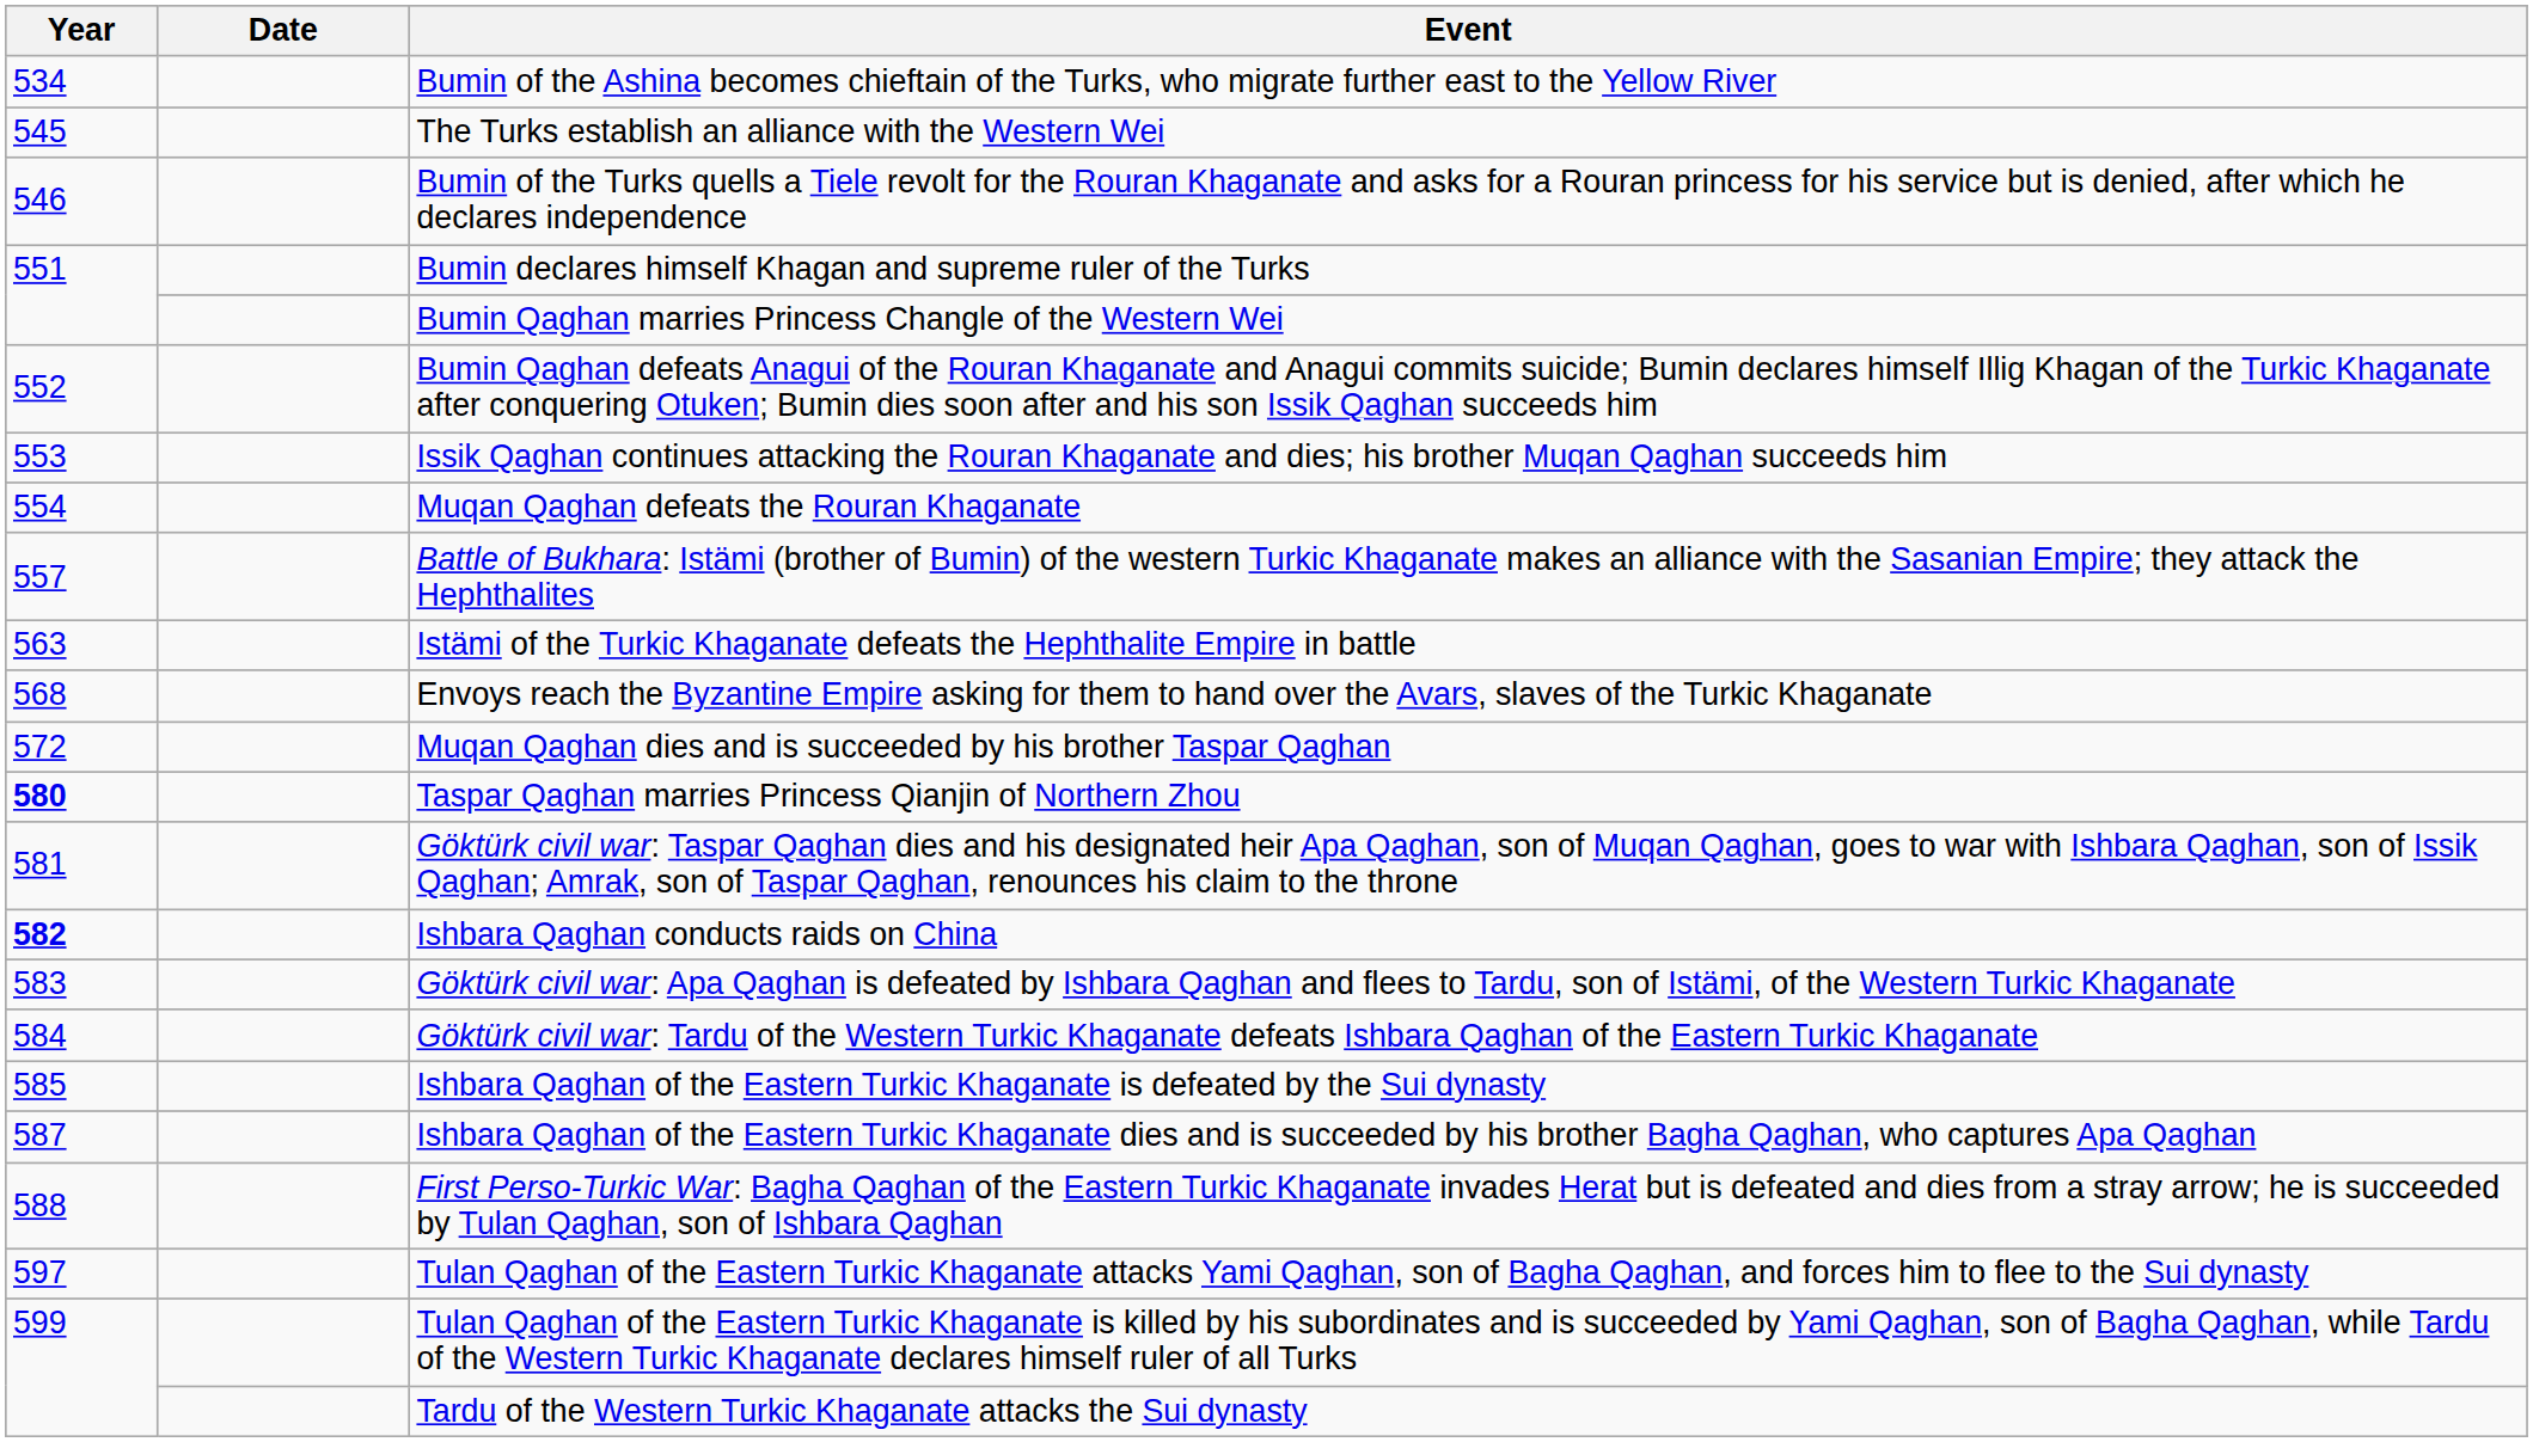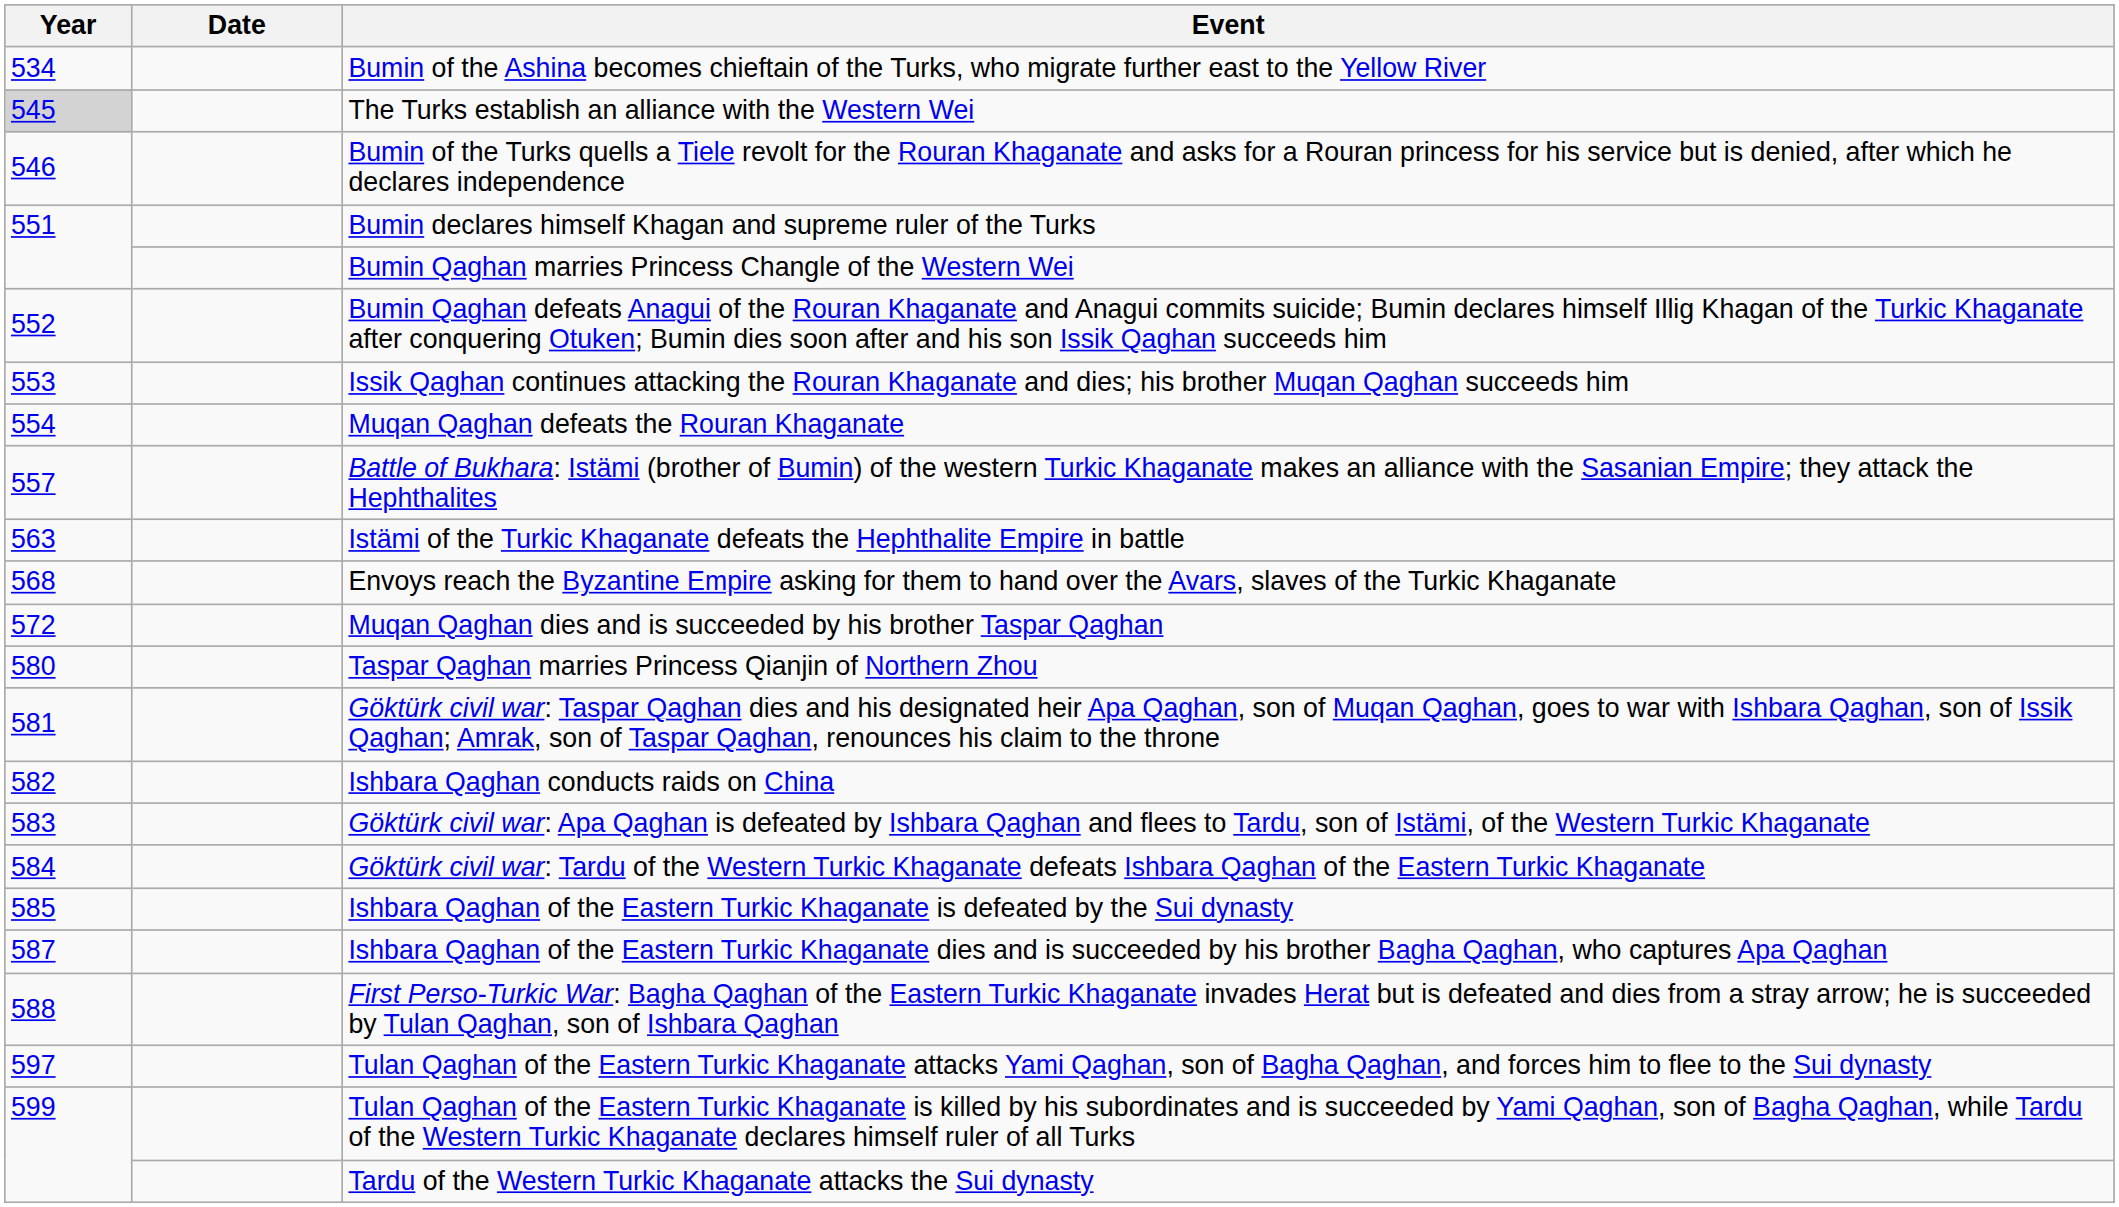 <table class="wikitable" width="100%">
 <tr>
 <th style="width:6%">Year</th>
 <th style="width:10%">Date</th>
 <th>Event</th>
 </tr>
 <tr>
 <td><a href='#'>534</a></td>
 <td></td>
 <td><a href='#'>Bumin</a> of the <a href='#'>Ashina</a> becomes chieftain of the Turks, who migrate further east to the <a href='#'>Yellow River</a></td>
 </tr>
 <tr>
-<td><a href='#'>545</a></td>
+<td style="background: lightgrey;"><a href='#'>545</a></td>
 <td></td>
 <td>The Turks establish an alliance with the <a href='#'>Western Wei</a></td>
 </tr>
 <tr>
 <td><a href='#'>546</a></td>
 <td></td>
 <td><a href='#'>Bumin</a> of the Turks quells a <a href='#'>Tiele</a> revolt for the <a href='#'>Rouran Khaganate</a> and asks for a Rouran princess for his service but is denied, after which he declares independence</td>
 </tr>
 <tr>
 <td rowspan="2" valign="top"><a href='#'>551</a></td>
 <td></td>
 <td><a href='#'>Bumin</a> declares himself Khagan and supreme ruler of the Turks</td>
 </tr>
 <tr>
 <td></td>
 <td><a href='#'>Bumin Qaghan</a> marries Princess Changle of the <a href='#'>Western Wei</a></td>
 </tr>
 <tr>
 <td><a href='#'>552</a></td>
 <td></td>
 <td><a href='#'>Bumin Qaghan</a> defeats <a href='#'>Anagui</a> of the <a href='#'>Rouran Khaganate</a> and Anagui commits suicide; Bumin declares himself Illig Khagan of the <a href='#'>Turkic Khaganate</a> after conquering <a href='#'>Otuken</a>; Bumin dies soon after and his son <a href='#'>Issik Qaghan</a> succeeds him</td>
 </tr>
 <tr>
 <td><a href='#'>553</a></td>
 <td></td>
 <td><a href='#'>Issik Qaghan</a> continues attacking the <a href='#'>Rouran Khaganate</a> and dies; his brother <a href='#'>Muqan Qaghan</a> succeeds him</td>
 </tr>
 <tr>
 <td><a href='#'>554</a></td>
 <td></td>
 <td><a href='#'>Muqan Qaghan</a> defeats the <a href='#'>Rouran Khaganate</a></td>
 </tr>
 <tr>
 <td><a href='#'>557</a></td>
 <td></td>
 <td><em><a href='#'>Battle of Bukhara</a></em>: <a href='#'>Istämi</a> (brother of <a href='#'>Bumin</a>) of the western <a href='#'>Turkic Khaganate</a> makes an alliance with the <a href='#'>Sasanian Empire</a>; they attack the <a href='#'>Hephthalites</a></td>
 </tr>
 <tr>
 <td><a href='#'>563</a></td>
 <td></td>
 <td><a href='#'>Istämi</a> of the <a href='#'>Turkic Khaganate</a> defeats the <a href='#'>Hephthalite Empire</a> in battle</td>
 </tr>
 <tr>
 <td><a href='#'>568</a></td>
 <td></td>
 <td>Envoys reach the <a href='#'>Byzantine Empire</a> asking for them to hand over the <a href='#'>Avars</a>, slaves of the Turkic Khaganate </td>
 </tr>
 <tr>
 <td><a href='#'>572</a></td>
 <td></td>
 <td><a href='#'>Muqan Qaghan</a> dies and is succeeded by his brother <a href='#'>Taspar Qaghan</a></td>
 </tr>
 <tr>
-<td><strong><a href='#'>580</a></strong></td>
+<td><a href='#'>580</a></td>
 <td></td>
 <td><a href='#'>Taspar Qaghan</a> marries Princess Qianjin of <a href='#'>Northern Zhou</a></td>
 </tr>
 <tr>
 <td><a href='#'>581</a></td>
 <td></td>
 <td><em><a href='#'>Göktürk civil war</a></em>: <a href='#'>Taspar Qaghan</a> dies and his designated heir <a href='#'>Apa Qaghan</a>, son of <a href='#'>Muqan Qaghan</a>, goes to war with <a href='#'>Ishbara Qaghan</a>, son of <a href='#'>Issik Qaghan</a>; <a href='#'>Amrak</a>, son of <a href='#'>Taspar Qaghan</a>, renounces his claim to the throne</td>
 </tr>
 <tr>
-<td><strong><a href='#'>582</a></strong></td>
+<td><a href='#'>582</a></td>
 <td></td>
 <td><a href='#'>Ishbara Qaghan</a> conducts raids on <a href='#'>China</a></td>
 </tr>
 <tr>
 <td><a href='#'>583</a></td>
 <td></td>
 <td><em><a href='#'>Göktürk civil war</a></em>: <a href='#'>Apa Qaghan</a> is defeated by <a href='#'>Ishbara Qaghan</a> and flees to <a href='#'>Tardu</a>, son of <a href='#'>Istämi</a>, of the <a href='#'>Western Turkic Khaganate</a></td>
 </tr>
 <tr>
 <td><a href='#'>584</a></td>
 <td></td>
 <td><em><a href='#'>Göktürk civil war</a></em>: <a href='#'>Tardu</a> of the <a href='#'>Western Turkic Khaganate</a> defeats <a href='#'>Ishbara Qaghan</a> of the <a href='#'>Eastern Turkic Khaganate</a></td>
 </tr>
 <tr>
 <td><a href='#'>585</a></td>
 <td></td>
 <td><a href='#'>Ishbara Qaghan</a> of the <a href='#'>Eastern Turkic Khaganate</a> is defeated by the <a href='#'>Sui dynasty</a></td>
 </tr>
 <tr>
 <td><a href='#'>587</a></td>
 <td></td>
 <td><a href='#'>Ishbara Qaghan</a> of the <a href='#'>Eastern Turkic Khaganate</a> dies and is succeeded by his brother <a href='#'>Bagha Qaghan</a>, who captures <a href='#'>Apa Qaghan</a></td>
 </tr>
 <tr>
 <td><a href='#'>588</a></td>
 <td></td>
 <td><em><a href='#'>First Perso-Turkic War</a></em>: <a href='#'>Bagha Qaghan</a> of the <a href='#'>Eastern Turkic Khaganate</a> invades <a href='#'>Herat</a> but is defeated and dies from a stray arrow; he is succeeded by <a href='#'>Tulan Qaghan</a>, son of <a href='#'>Ishbara Qaghan</a></td>
 </tr>
 <tr>
 <td><a href='#'>597</a></td>
 <td></td>
 <td><a href='#'>Tulan Qaghan</a> of the <a href='#'>Eastern Turkic Khaganate</a> attacks <a href='#'>Yami Qaghan</a>, son of <a href='#'>Bagha Qaghan</a>, and forces him to flee to the <a href='#'>Sui dynasty</a></td>
 </tr>
 <tr>
 <td rowspan="2" valign="top"><a href='#'>599</a></td>
 <td></td>
 <td><a href='#'>Tulan Qaghan</a> of the <a href='#'>Eastern Turkic Khaganate</a> is killed by his subordinates and is succeeded by <a href='#'>Yami Qaghan</a>, son of <a href='#'>Bagha Qaghan</a>, while <a href='#'>Tardu</a> of the <a href='#'>Western Turkic Khaganate</a> declares himself ruler of all Turks</td>
 </tr>
 <tr>
 <td></td>
 <td><a href='#'>Tardu</a> of the <a href='#'>Western Turkic Khaganate</a> attacks the <a href='#'>Sui dynasty</a></td>
 </tr>
 </table>
